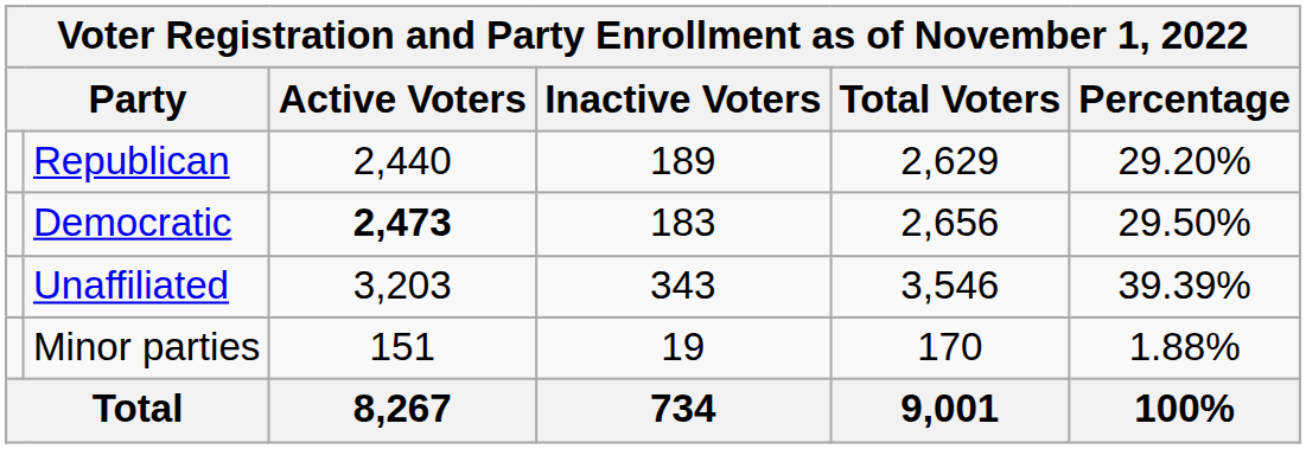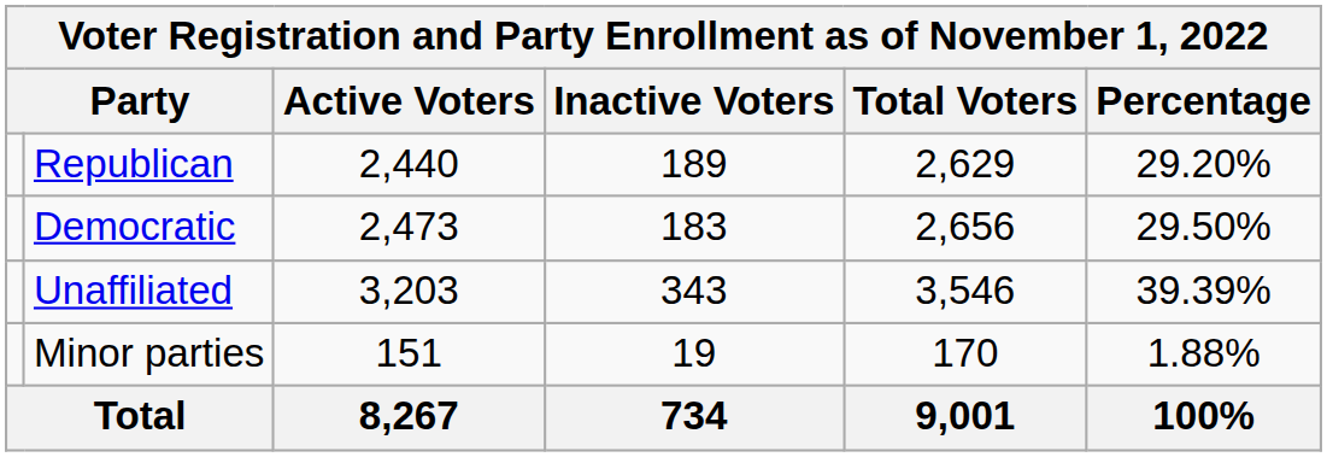 <table class=wikitable>
 <tr>
 <th colspan = 6>Voter Registration and Party Enrollment as of November 1, 2022</th>
 </tr>
 <tr>
 <th colspan = 2>Party</th>
 <th>Active Voters</th>
 <th>Inactive Voters</th>
 <th>Total Voters</th>
 <th>Percentage</th>
 </tr>
 <tr>
 <td></td>
 <td><a href='#'>Republican</a></td>
 <td align = center>2,440</td>
 <td align = center>189</td>
 <td align = center>2,629</td>
 <td align = center>29.20%</td>
 </tr>
 <tr>
 <td></td>
 <td><a href='#'>Democratic</a></td>
-<td align = center><strong>2,473</strong></td>
+<td align = center>2,473</td>
 <td align = center>183</td>
 <td align = center>2,656</td>
 <td align = center>29.50%</td>
 </tr>
 <tr>
 <td></td>
 <td><a href='#'>Unaffiliated</a></td>
 <td align = center>3,203</td>
 <td align = center>343</td>
 <td align = center>3,546</td>
 <td align = center>39.39%</td>
 </tr>
 <tr>
 <td></td>
 <td>Minor parties</td>
 <td align = center>151</td>
 <td align = center>19</td>
 <td align = center>170</td>
 <td align = center>1.88%</td>
 </tr>
 <tr>
 <th colspan = 2>Total</th>
 <th align = center>8,267</th>
 <th align = center>734</th>
 <th align = center>9,001</th>
 <th align = center>100%</th>
 </tr>
 </table>
